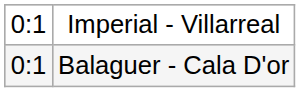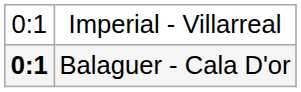 <table class="wikitable">
 <tr align=center bgcolor=white>
 <td>0:1</td>
 <td>Imperial - Villarreal</td>
 </tr>
 <tr align=center bgcolor=#F5F5F5>
-<td>0:1</td>
+<td><strong>0:1</strong></td>
 <td>Balaguer - Cala D'or</td>
 </tr>
 </table>
